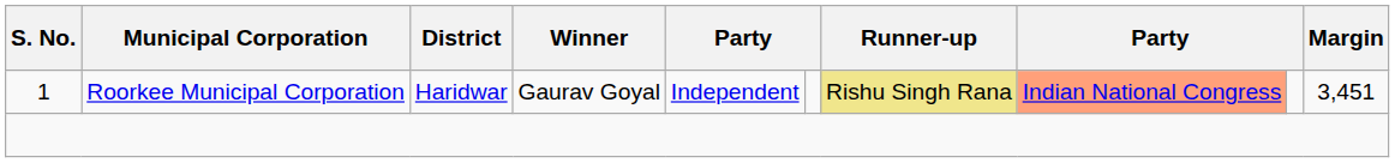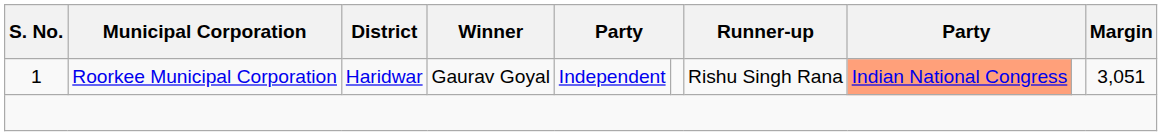 <table class="wikitable sortable">
 <tr style="text-align:center; height:45px;">
 <th scope="col">S. No.</th>
 <th>Municipal Corporation</th>
 <th>District</th>
 <th>Winner</th>
 <th colspan=2>Party</th>
 <th>Runner-up</th>
 <th colspan=2>Party</th>
 <th>Margin</th>
 </tr>
 <tr style="text-align:center; height:30px;">
 <td>1</td>
 <td><a href='#'>Roorkee Municipal Corporation</a></td>
 <td><a href='#'>Haridwar</a></td>
 <td>Gaurav Goyal</td>
 <td><a href='#'>Independent</a></td>
 <td width="4px" style="background-color: "></td>
-<td style="background: khaki;">Rishu Singh Rana</td>
+<td>Rishu Singh Rana</td>
 <td style="background: lightsalmon;"><a href='#'>Indian National Congress</a></td>
 <td width="4px" style="background-color: "></td>
-<td>3,451</td>
+<td>3,051</td>
 </tr>
 <tr style="text-align:center; height:30px;">
 </tr>
 </table>
